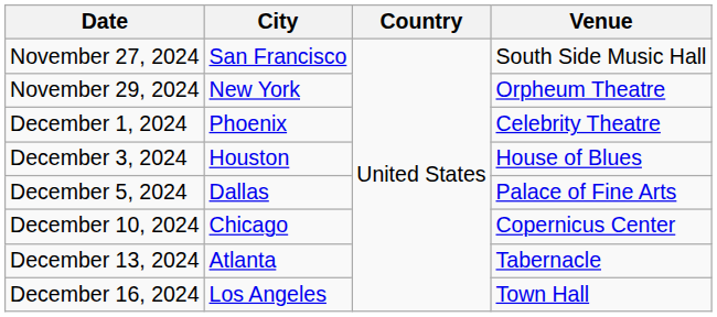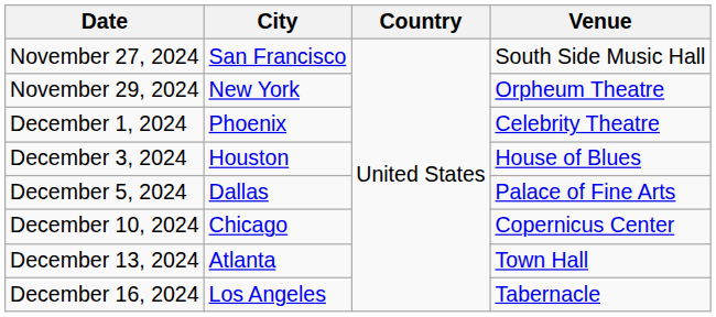 <table class="wikitable">
 <tr>
 <th>Date</th>
 <th>City</th>
 <th>Country</th>
 <th>Venue</th>
 </tr>
 <tr>
 <td>November 27, 2024</td>
 <td><a href='#'>San Francisco</a></td>
 <td rowspan="8">United States</td>
 <td>South Side Music Hall</td>
 </tr>
 <tr>
 <td>November 29, 2024</td>
 <td><a href='#'>New York</a></td>
 <td><a href='#'>Orpheum Theatre</a></td>
 </tr>
 <tr>
 <td>December 1, 2024</td>
 <td><a href='#'>Phoenix</a></td>
 <td><a href='#'>Celebrity Theatre</a></td>
 </tr>
 <tr>
 <td>December 3, 2024</td>
 <td><a href='#'>Houston</a></td>
 <td><a href='#'>House of Blues</a></td>
 </tr>
 <tr>
 <td>December 5, 2024</td>
 <td><a href='#'>Dallas</a></td>
 <td><a href='#'>Palace of Fine Arts</a></td>
 </tr>
 <tr>
 <td>December 10, 2024</td>
 <td><a href='#'>Chicago</a></td>
 <td><a href='#'>Copernicus Center</a></td>
 </tr>
 <tr>
 <td>December 13, 2024</td>
 <td><a href='#'>Atlanta</a></td>
-<td><a href='#'>Tabernacle</a></td>
+<td><a href='#'>Town Hall</a></td>
 </tr>
 <tr>
 <td>December 16, 2024</td>
 <td><a href='#'>Los Angeles</a></td>
-<td><a href='#'>Town Hall</a></td>
+<td><a href='#'>Tabernacle</a></td>
 </tr>
 </table>
